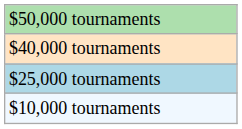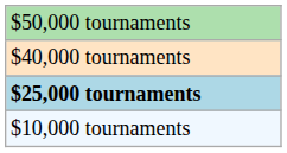 <table class="wikitable"  style="font-size:85%; width:14%;">
 <tr style="background:#addfad;">
 <td>$50,000 tournaments</td>
 </tr>
 <tr style="background:#ffe4c4;">
 <td>$40,000 tournaments</td>
 </tr>
 <tr style="background:lightblue;">
-<td>$25,000 tournaments</td>
+<td><strong>$25,000 tournaments</strong></td>
 </tr>
 <tr style="background:#f0f8ff;">
 <td>$10,000 tournaments</td>
 </tr>
 </table>
